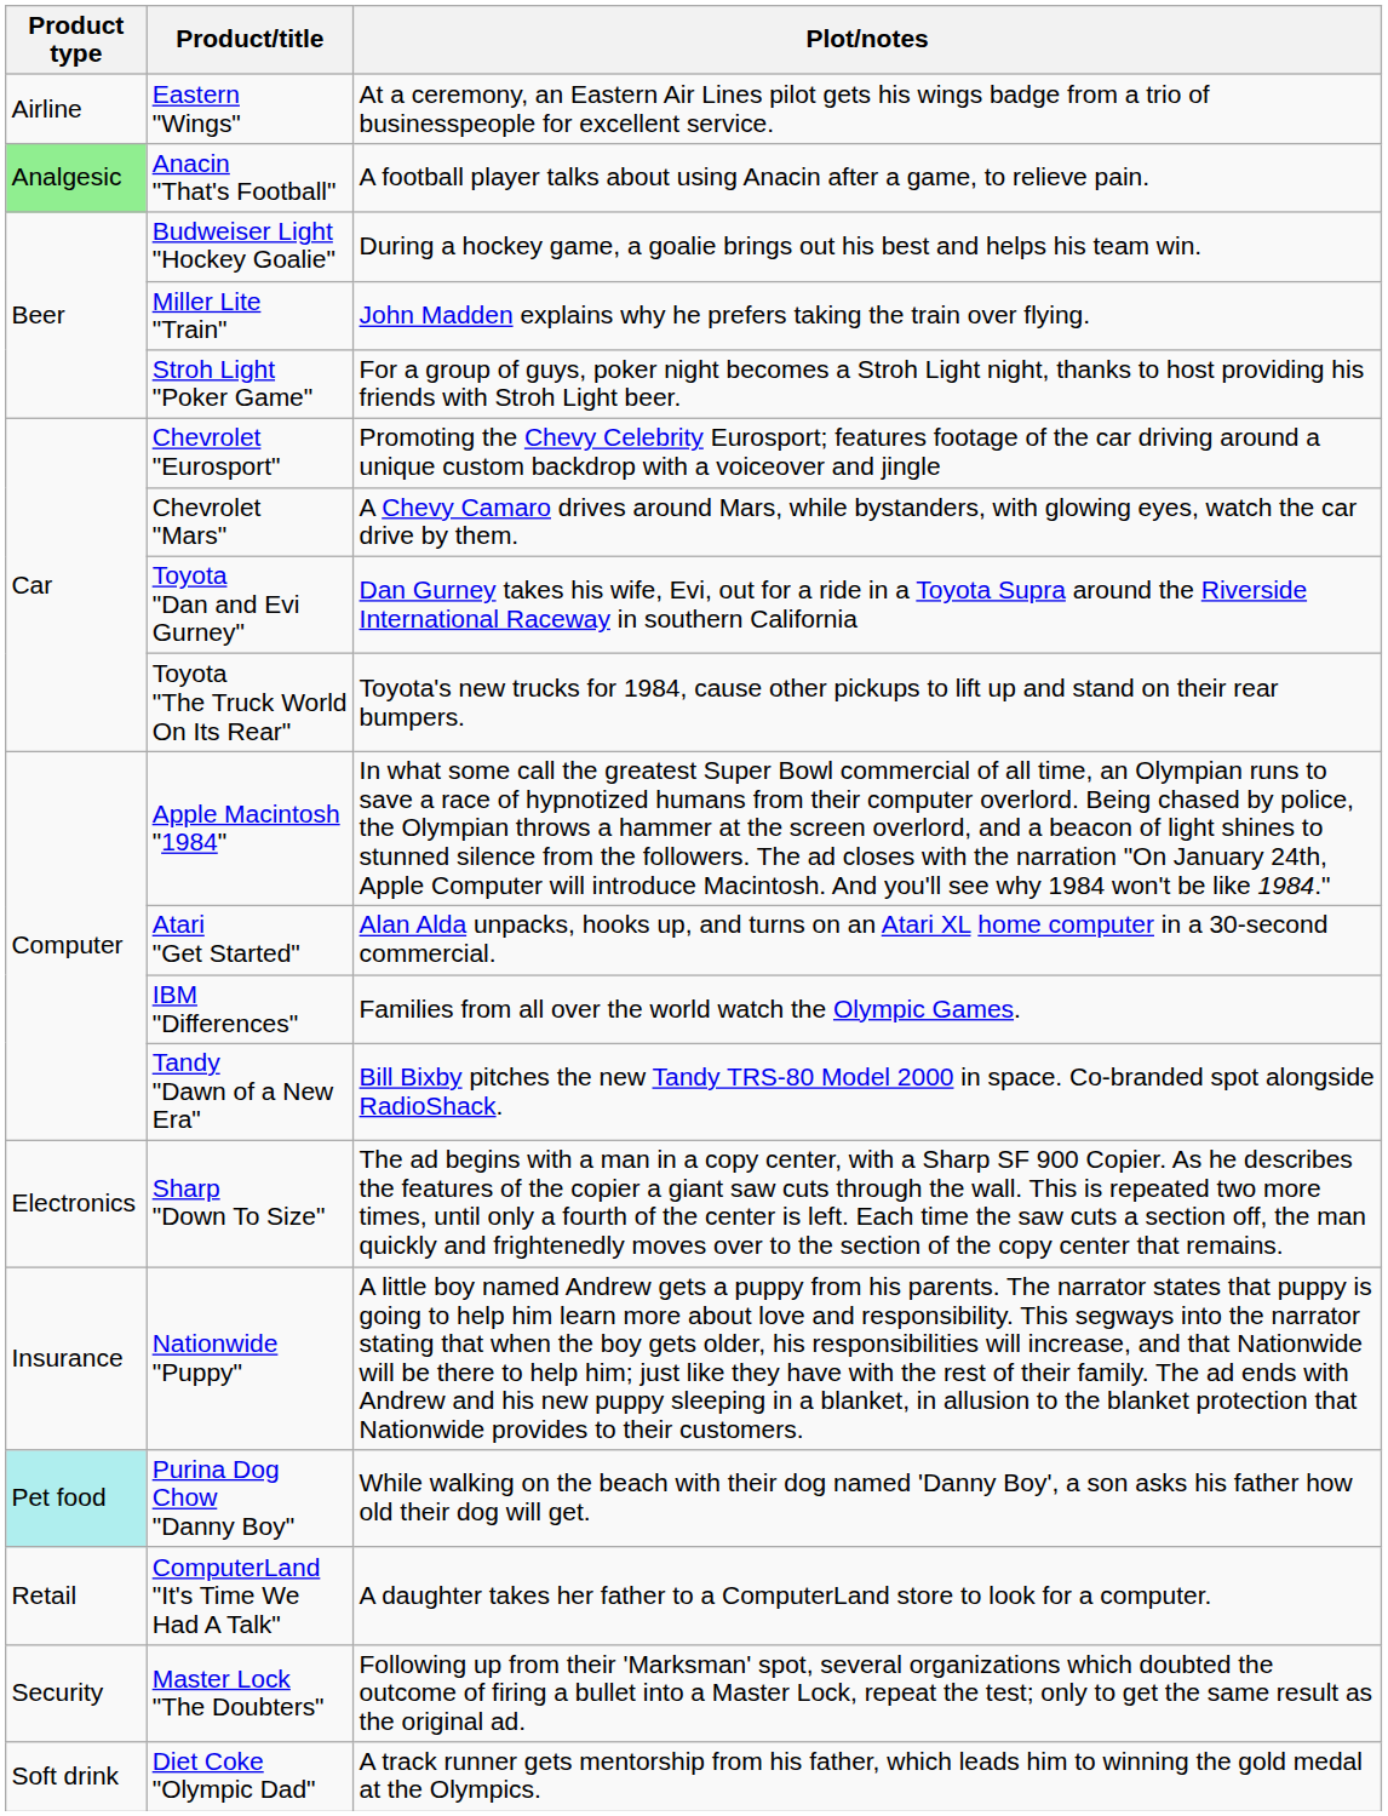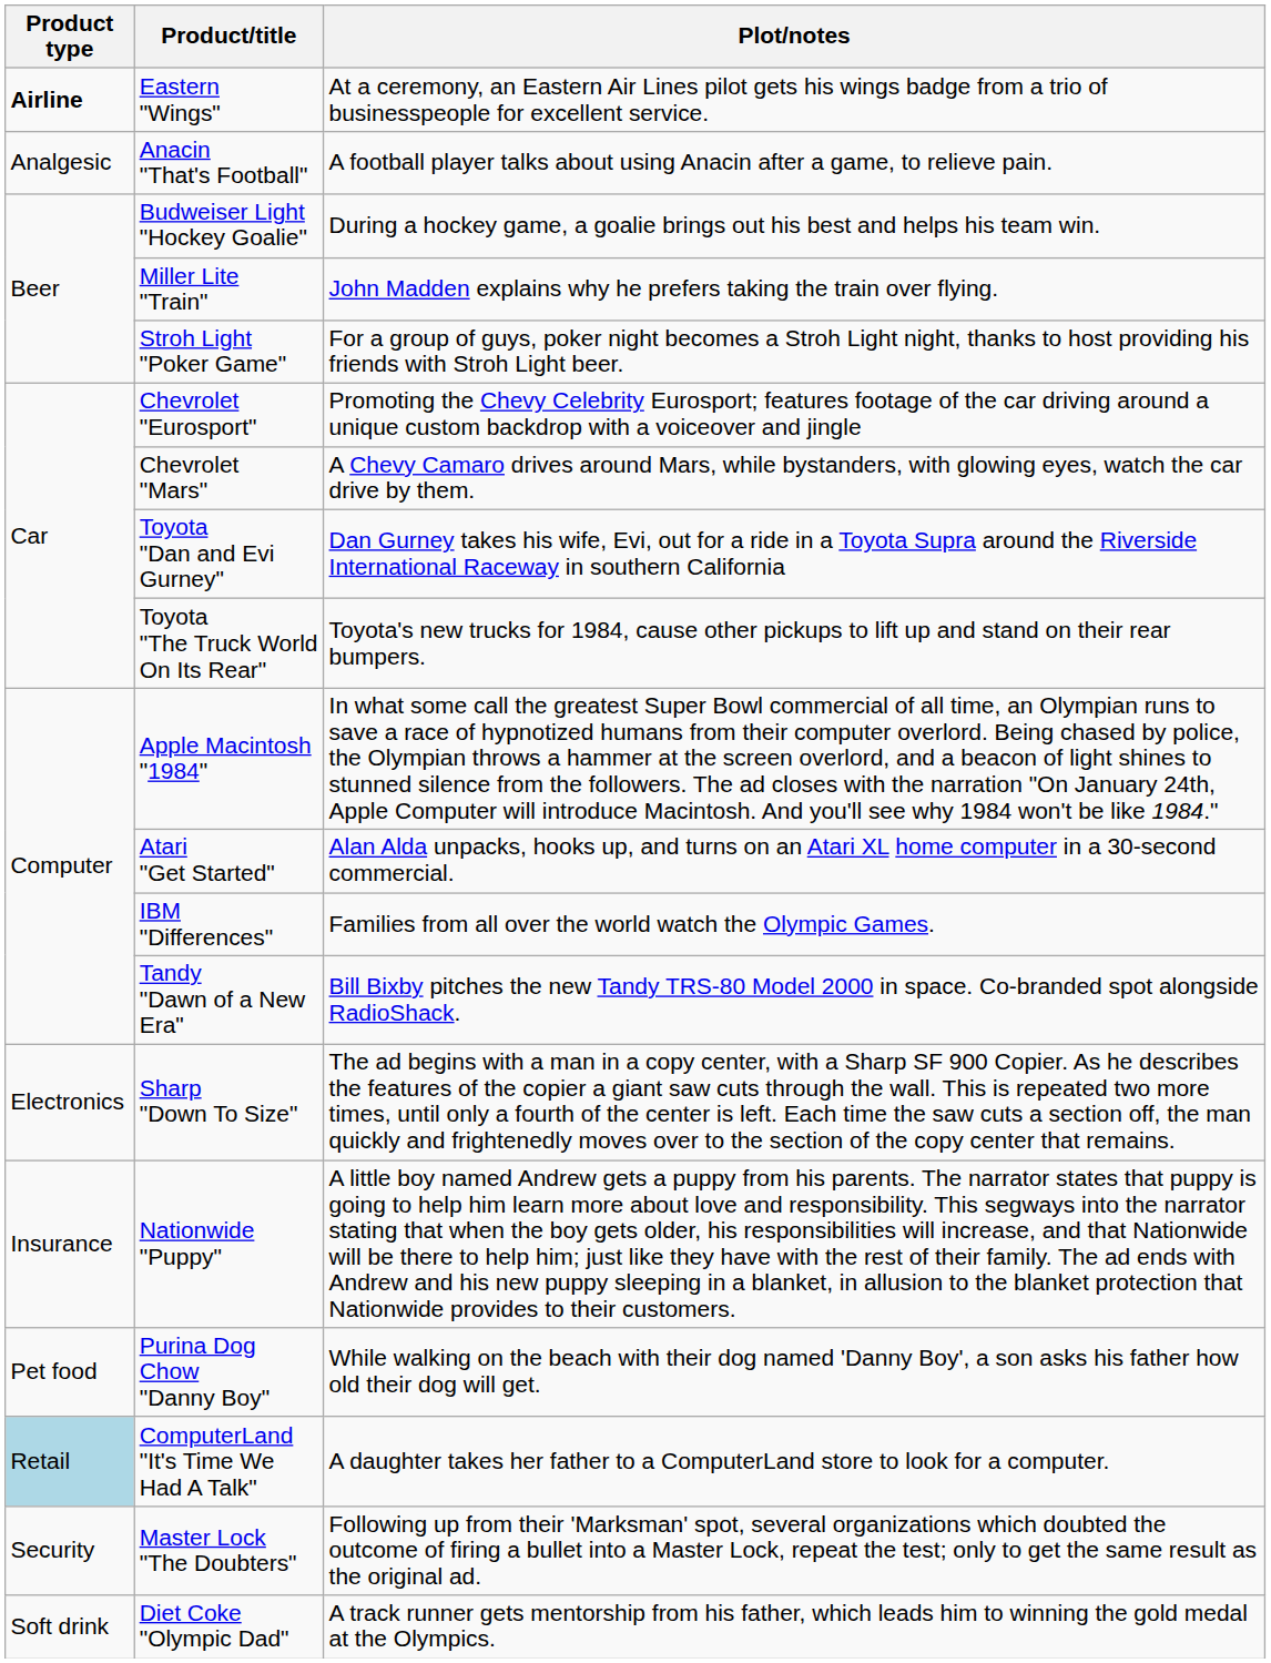 <table class="wikitable">
 <tr>
 <th>Product type</th>
 <th>Product/title</th>
 <th>Plot/notes</th>
 </tr>
 <tr>
-<td>Airline</td>
+<td><strong>Airline</strong></td>
 <td><a href='#'>Eastern</a><br>"Wings"</td>
 <td>At a ceremony, an Eastern Air Lines pilot gets his wings badge from a trio of businesspeople for excellent service.</td>
 </tr>
 <tr>
-<td style="background: lightgreen;">Analgesic</td>
+<td>Analgesic</td>
 <td><a href='#'>Anacin</a><br>"That's Football"</td>
 <td>A football player talks about using Anacin after a game, to relieve pain.</td>
 </tr>
 <tr>
 <td rowspan="3">Beer</td>
 <td><a href='#'>Budweiser Light</a><br>"Hockey Goalie"</td>
 <td>During a hockey game, a goalie brings out his best and helps his team win.</td>
 </tr>
 <tr>
 <td><a href='#'>Miller Lite</a><br>"Train"</td>
 <td><a href='#'>John Madden</a> explains why he prefers taking the train over flying.</td>
 </tr>
 <tr>
 <td><a href='#'>Stroh Light</a><br>"Poker Game"</td>
 <td>For a group of guys, poker night becomes a Stroh Light night, thanks to host providing his friends with Stroh Light beer.</td>
 </tr>
 <tr>
 <td rowspan="4">Car</td>
 <td><a href='#'>Chevrolet</a><br>"Eurosport"</td>
 <td>Promoting the <a href='#'>Chevy Celebrity</a> Eurosport; features footage of the car driving around a unique custom backdrop with a voiceover and jingle</td>
 </tr>
 <tr>
 <td>Chevrolet<br>"Mars"</td>
 <td>A <a href='#'>Chevy Camaro</a> drives around Mars, while bystanders, with glowing eyes, watch the car drive by them.</td>
 </tr>
 <tr>
 <td><a href='#'>Toyota</a><br>"Dan and Evi Gurney"</td>
 <td><a href='#'>Dan Gurney</a> takes his wife, Evi, out for a ride in a <a href='#'>Toyota Supra</a> around the <a href='#'>Riverside International Raceway</a> in southern California</td>
 </tr>
 <tr>
 <td>Toyota<br>"The Truck World On Its Rear"</td>
 <td>Toyota's new trucks for 1984, cause other pickups to lift up and stand on their rear bumpers.</td>
 </tr>
 <tr>
 <td rowspan="4">Computer</td>
 <td><a href='#'>Apple Macintosh</a><br>"<a href='#'>1984</a>"</td>
 <td>In what some call the greatest Super Bowl commercial of all time, an Olympian runs to save a race of hypnotized humans from their computer overlord. Being chased by police, the Olympian throws a hammer at the screen overlord, and a beacon of light shines to stunned silence from the followers. The ad closes with the narration "On January 24th, Apple Computer will introduce Macintosh. And you'll see why 1984 won't be like <em>1984</em>."</td>
 </tr>
 <tr>
 <td><a href='#'>Atari</a><br>"Get Started"</td>
 <td><a href='#'>Alan Alda</a> unpacks, hooks up, and turns on an <a href='#'>Atari XL</a> <a href='#'>home computer</a> in a 30-second commercial.</td>
 </tr>
 <tr>
 <td><a href='#'>IBM</a><br>"Differences"</td>
 <td>Families from all over the world watch the <a href='#'>Olympic Games</a>.</td>
 </tr>
 <tr>
 <td><a href='#'>Tandy</a><br>"Dawn of a New Era"</td>
 <td><a href='#'>Bill Bixby</a> pitches the new <a href='#'>Tandy TRS-80 Model 2000</a> in space. Co-branded spot alongside <a href='#'>RadioShack</a>.</td>
 </tr>
 <tr>
 <td>Electronics</td>
 <td><a href='#'>Sharp</a><br>"Down To Size"</td>
 <td>The ad begins with a man in a copy center, with a Sharp SF 900 Copier. As he describes the features of the copier a giant saw cuts through the wall. This is repeated two more times, until only a fourth of the center is left. Each time the saw cuts a section off, the man quickly and frightenedly moves over to the section of the copy center that remains.</td>
 </tr>
 <tr>
 <td>Insurance</td>
 <td><a href='#'>Nationwide</a><br>"Puppy"</td>
 <td>A little boy named Andrew gets a puppy from his parents. The narrator states that puppy is going to help him learn more about love and responsibility. This segways into the narrator stating that when the boy gets older, his responsibilities will increase, and that Nationwide will be there to help him; just like they have with the rest of their family. The ad ends with Andrew and his new puppy sleeping in a blanket, in allusion to the blanket protection that Nationwide provides to their customers.</td>
 </tr>
 <tr>
-<td style="background: paleturquoise;">Pet food</td>
+<td>Pet food</td>
 <td><a href='#'>Purina Dog Chow</a><br>"Danny Boy"</td>
 <td>While walking on the beach with their dog named 'Danny Boy', a son asks his father how old their dog will get.</td>
 </tr>
 <tr>
-<td>Retail</td>
+<td style="background: lightblue;">Retail</td>
 <td><a href='#'>ComputerLand</a><br>"It's Time We Had A Talk"</td>
 <td>A daughter takes her father to a ComputerLand store to look for a computer.</td>
 </tr>
 <tr>
 <td>Security</td>
 <td><a href='#'>Master Lock</a><br>"The Doubters"</td>
 <td>Following up from their 'Marksman' spot, several organizations which doubted the outcome of firing a bullet into a Master Lock, repeat the test; only to get the same result as the original ad.</td>
 </tr>
 <tr>
 <td>Soft drink</td>
 <td><a href='#'>Diet Coke</a><br>"Olympic Dad"</td>
 <td>A track runner gets mentorship from his father, which leads him to winning the gold medal at the Olympics.</td>
 </tr>
 </table>
